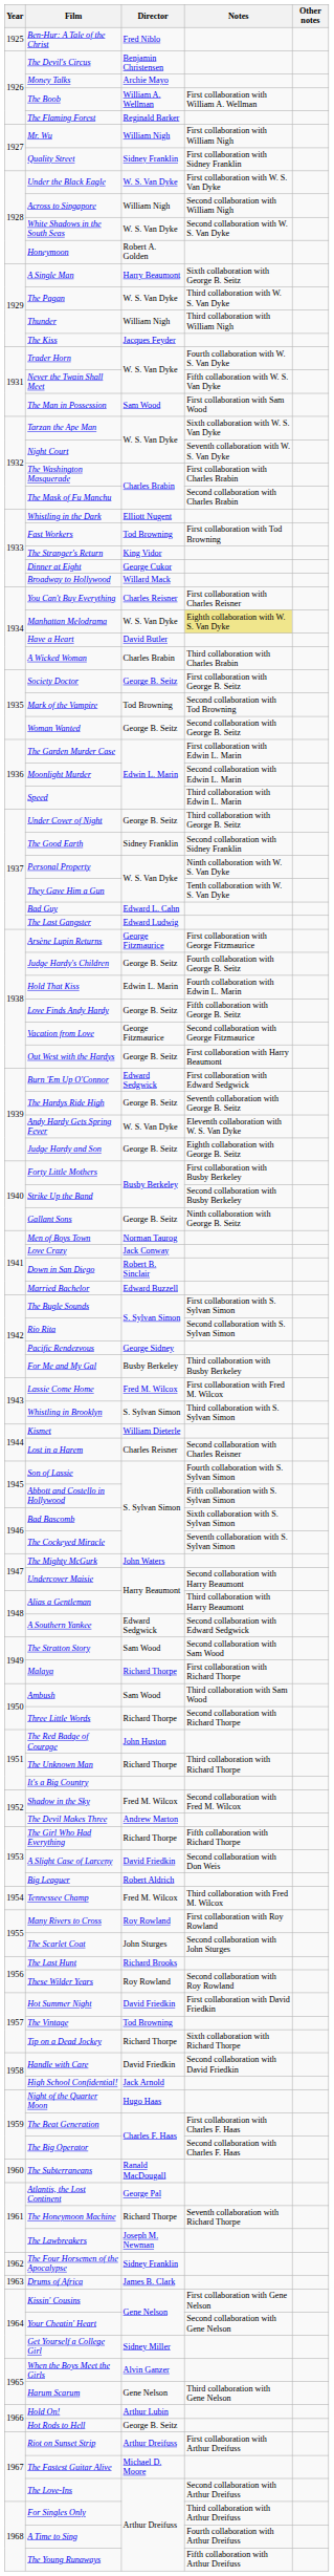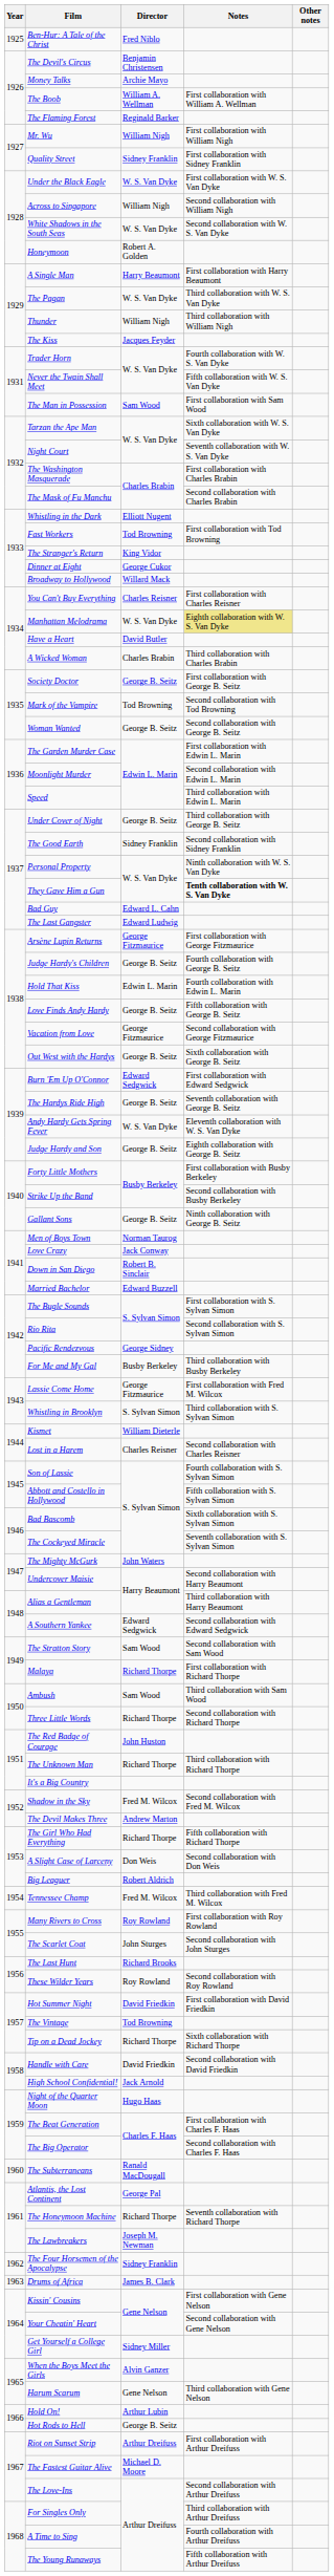 <table class="wikitable">
 <tr>
 <th>Year</th>
 <th>Film</th>
 <th>Director</th>
 <th>Notes</th>
 <th>Other notes</th>
 </tr>
 <tr>
 <td>1925</td>
 <td><em><a href='#'>Ben-Hur: A Tale of the Christ</a></em></td>
 <td><a href='#'>Fred Niblo</a></td>
 <td></td>
 <td></td>
 </tr>
 <tr>
 <td rowspan=4>1926</td>
 <td><em><a href='#'>The Devil's Circus</a></em></td>
 <td><a href='#'>Benjamin Christensen</a></td>
 <td></td>
 <td></td>
 </tr>
 <tr>
 <td><em><a href='#'>Money Talks</a></em></td>
 <td><a href='#'>Archie Mayo</a></td>
 <td></td>
 <td></td>
 </tr>
 <tr>
 <td><em><a href='#'>The Boob</a></em></td>
 <td><a href='#'>William A. Wellman</a></td>
 <td>First collaboration with William A. Wellman</td>
 <td></td>
 </tr>
 <tr>
 <td><em><a href='#'>The Flaming Forest</a></em></td>
 <td><a href='#'>Reginald Barker</a></td>
 <td></td>
 <td></td>
 </tr>
 <tr>
 <td rowspan=2>1927</td>
 <td><em><a href='#'>Mr. Wu</a></em></td>
 <td><a href='#'>William Nigh</a></td>
 <td>First collaboration with William Nigh</td>
 <td></td>
 </tr>
 <tr>
 <td><em><a href='#'>Quality Street</a></em></td>
 <td><a href='#'>Sidney Franklin</a></td>
 <td>First collaboration with Sidney Franklin</td>
 <td></td>
 </tr>
 <tr>
 <td rowspan=4>1928</td>
 <td><em><a href='#'>Under the Black Eagle</a></em></td>
 <td><a href='#'>W. S. Van Dyke</a></td>
 <td>First collaboration with W. S. Van Dyke</td>
 <td></td>
 </tr>
 <tr>
 <td><em><a href='#'>Across to Singapore</a></em></td>
 <td>William Nigh</td>
 <td>Second collaboration with William Nigh</td>
 <td></td>
 </tr>
 <tr>
 <td><em><a href='#'>White Shadows in the South Seas</a></em></td>
 <td>W. S. Van Dyke</td>
 <td>Second collaboration with W. S. Van Dyke</td>
 <td></td>
 </tr>
 <tr>
 <td><em><a href='#'>Honeymoon</a></em></td>
 <td>Robert A. Golden</td>
 <td></td>
 <td></td>
 </tr>
 <tr>
 <td rowspan=4>1929</td>
 <td><em><a href='#'>A Single Man</a></em></td>
 <td><a href='#'>Harry Beaumont</a></td>
-<td>Sixth collaboration with George B. Seitz</td>
+<td>First collaboration with Harry Beaumont</td>
 <td></td>
 </tr>
 <tr>
 <td><em><a href='#'>The Pagan</a></em></td>
 <td>W. S. Van Dyke</td>
 <td>Third collaboration with W. S. Van Dyke</td>
 <td></td>
 </tr>
 <tr>
 <td><em><a href='#'>Thunder</a></em></td>
 <td>William Nigh</td>
 <td>Third collaboration with William Nigh</td>
 <td></td>
 </tr>
 <tr>
 <td><em><a href='#'>The Kiss</a></em></td>
 <td><a href='#'>Jacques Feyder</a></td>
 <td></td>
 <td></td>
 </tr>
 <tr>
 <td rowspan=3>1931</td>
 <td><em><a href='#'>Trader Horn</a></em></td>
 <td rowspan=2>W. S. Van Dyke</td>
 <td>Fourth collaboration with W. S. Van Dyke</td>
 <td></td>
 </tr>
 <tr>
 <td><em><a href='#'>Never the Twain Shall Meet</a></em></td>
 <td>Fifth collaboration with W. S. Van Dyke</td>
 <td></td>
 </tr>
 <tr>
 <td><em><a href='#'>The Man in Possession</a></em></td>
 <td><a href='#'>Sam Wood</a></td>
 <td>First collaboration with Sam Wood</td>
 <td></td>
 </tr>
 <tr>
 <td rowspan=4>1932</td>
 <td><em><a href='#'>Tarzan the Ape Man</a></em></td>
 <td rowspan=2>W. S. Van Dyke</td>
 <td>Sixth collaboration with W. S. Van Dyke</td>
 <td></td>
 </tr>
 <tr>
 <td><em><a href='#'>Night Court</a></em></td>
 <td>Seventh collaboration with W. S. Van Dyke</td>
 <td></td>
 </tr>
 <tr>
 <td><em><a href='#'>The Washington Masquerade</a></em></td>
 <td rowspan=2><a href='#'>Charles Brabin</a></td>
 <td>First collaboration with Charles Brabin</td>
 <td></td>
 </tr>
 <tr>
 <td><em><a href='#'>The Mask of Fu Manchu</a></em></td>
 <td>Second collaboration with Charles Brabin</td>
 <td></td>
 </tr>
 <tr>
 <td rowspan=5>1933</td>
 <td><em><a href='#'>Whistling in the Dark</a></em></td>
 <td><a href='#'>Elliott Nugent</a></td>
 <td></td>
 <td></td>
 </tr>
 <tr>
 <td><em><a href='#'>Fast Workers</a></em></td>
 <td><a href='#'>Tod Browning</a></td>
 <td>First collaboration with Tod Browning</td>
 <td></td>
 </tr>
 <tr>
 <td><em><a href='#'>The Stranger's Return</a></em></td>
 <td><a href='#'>King Vidor</a></td>
 <td></td>
 <td><small></small></td>
 </tr>
 <tr>
 <td><em><a href='#'>Dinner at Eight</a></em></td>
 <td><a href='#'>George Cukor</a></td>
 <td></td>
 <td></td>
 </tr>
 <tr>
 <td><em><a href='#'>Broadway to Hollywood</a></em></td>
 <td><a href='#'>Willard Mack</a></td>
 <td></td>
 <td></td>
 </tr>
 <tr>
 <td rowspan=4>1934</td>
 <td><em><a href='#'>You Can't Buy Everything</a></em></td>
 <td><a href='#'>Charles Reisner</a></td>
 <td>First collaboration with Charles Reisner</td>
 <td></td>
 </tr>
 <tr>
 <td><em><a href='#'>Manhattan Melodrama</a></em></td>
 <td>W. S. Van Dyke</td>
 <td style="background: khaki;">Eighth collaboration with W. S. Van Dyke</td>
 <td></td>
 </tr>
 <tr>
 <td><em><a href='#'>Have a Heart</a></em></td>
 <td><a href='#'>David Butler</a></td>
 <td></td>
 <td></td>
 </tr>
 <tr>
 <td><em><a href='#'>A Wicked Woman</a></em></td>
 <td>Charles Brabin</td>
 <td>Third collaboration with Charles Brabin</td>
 <td></td>
 </tr>
 <tr>
 <td rowspan=3>1935</td>
 <td><em><a href='#'>Society Doctor</a></em></td>
 <td><a href='#'>George B. Seitz</a></td>
 <td>First collaboration with George B. Seitz</td>
 <td></td>
 </tr>
 <tr>
 <td><em><a href='#'>Mark of the Vampire</a></em></td>
 <td>Tod Browning</td>
 <td>Second collaboration with Tod Browning</td>
 <td></td>
 </tr>
 <tr>
 <td><em><a href='#'>Woman Wanted</a></em></td>
 <td>George B. Seitz</td>
 <td>Second collaboration with George B. Seitz</td>
 <td></td>
 </tr>
 <tr>
 <td rowspan=3>1936</td>
 <td><em><a href='#'>The Garden Murder Case</a></em></td>
 <td rowspan=3><a href='#'>Edwin L. Marin</a></td>
 <td>First collaboration with Edwin L. Marin</td>
 <td></td>
 </tr>
 <tr>
 <td><em><a href='#'>Moonlight Murder</a></em></td>
 <td>Second collaboration with Edwin L. Marin</td>
 <td></td>
 </tr>
 <tr>
 <td><em><a href='#'>Speed</a></em></td>
 <td>Third collaboration with Edwin L. Marin</td>
 <td></td>
 </tr>
 <tr>
 <td rowspan=6>1937</td>
 <td><em><a href='#'>Under Cover of Night</a></em></td>
 <td>George B. Seitz</td>
 <td>Third collaboration with George B. Seitz</td>
 <td></td>
 </tr>
 <tr>
 <td><em><a href='#'>The Good Earth</a></em></td>
 <td>Sidney Franklin</td>
 <td>Second collaboration with Sidney Franklin</td>
 <td><small></small></td>
 </tr>
 <tr>
 <td><em><a href='#'>Personal Property</a></em></td>
 <td rowspan=2>W. S. Van Dyke</td>
 <td>Ninth collaboration with W. S. Van Dyke</td>
 <td></td>
 </tr>
 <tr>
 <td><em><a href='#'>They Gave Him a Gun</a></em></td>
-<td>Tenth collaboration with W. S. Van Dyke</td>
+<td><strong>Tenth collaboration with W. S. Van Dyke</strong></td>
 <td></td>
 </tr>
 <tr>
 <td><em><a href='#'>Bad Guy</a></em></td>
 <td><a href='#'>Edward L. Cahn</a></td>
 <td></td>
 <td></td>
 </tr>
 <tr>
 <td><em><a href='#'>The Last Gangster</a></em></td>
 <td><a href='#'>Edward Ludwig</a></td>
 <td></td>
 <td></td>
 </tr>
 <tr>
 <td rowspan=6>1938</td>
 <td><em><a href='#'>Arsène Lupin Returns</a></em></td>
 <td><a href='#'>George Fitzmaurice</a></td>
 <td>First collaboration with George Fitzmaurice</td>
 <td></td>
 </tr>
 <tr>
 <td><em><a href='#'>Judge Hardy's Children</a></em></td>
 <td>George B. Seitz</td>
 <td>Fourth collaboration with George B. Seitz</td>
 <td></td>
 </tr>
 <tr>
 <td><em><a href='#'>Hold That Kiss</a></em></td>
 <td>Edwin L. Marin</td>
 <td>Fourth collaboration with Edwin L. Marin</td>
 <td></td>
 </tr>
 <tr>
 <td><em><a href='#'>Love Finds Andy Hardy</a></em></td>
 <td>George B. Seitz</td>
 <td>Fifth collaboration with George B. Seitz</td>
 <td></td>
 </tr>
 <tr>
 <td><em><a href='#'>Vacation from Love</a></em></td>
 <td>George Fitzmaurice</td>
 <td>Second collaboration with George Fitzmaurice</td>
 <td></td>
 </tr>
 <tr>
 <td><em><a href='#'>Out West with the Hardys</a></em></td>
 <td>George B. Seitz</td>
-<td>First collaboration with Harry Beaumont</td>
+<td>Sixth collaboration with George B. Seitz</td>
 <td></td>
 </tr>
 <tr>
 <td rowspan=4>1939</td>
 <td><em><a href='#'>Burn 'Em Up O'Connor</a></em></td>
 <td><a href='#'>Edward Sedgwick</a></td>
 <td>First collaboration with Edward Sedgwick</td>
 <td></td>
 </tr>
 <tr>
 <td><em><a href='#'>The Hardys Ride High</a></em></td>
 <td>George B. Seitz</td>
 <td>Seventh collaboration with George B. Seitz</td>
 <td></td>
 </tr>
 <tr>
 <td><em><a href='#'>Andy Hardy Gets Spring Fever</a></em></td>
 <td>W. S. Van Dyke</td>
 <td>Eleventh collaboration with W. S. Van Dyke</td>
 <td></td>
 </tr>
 <tr>
 <td><em><a href='#'>Judge Hardy and Son</a></em></td>
 <td>George B. Seitz</td>
 <td>Eighth collaboration with George B. Seitz</td>
 <td></td>
 </tr>
 <tr>
 <td rowspan=3>1940</td>
 <td><em><a href='#'>Forty Little Mothers</a></em></td>
 <td rowspan=2><a href='#'>Busby Berkeley</a></td>
 <td>First collaboration with Busby Berkeley</td>
 <td></td>
 </tr>
 <tr>
 <td><em><a href='#'>Strike Up the Band</a></em></td>
 <td>Second collaboration with Busby Berkeley</td>
 <td></td>
 </tr>
 <tr>
 <td><em><a href='#'>Gallant Sons</a></em></td>
 <td>George B. Seitz</td>
 <td>Ninth collaboration with George B. Seitz</td>
 <td></td>
 </tr>
 <tr>
 <td rowspan=4>1941</td>
 <td><em><a href='#'>Men of Boys Town</a></em></td>
 <td><a href='#'>Norman Taurog</a></td>
 <td></td>
 <td><small></small></td>
 </tr>
 <tr>
 <td><em><a href='#'>Love Crazy</a></em></td>
 <td><a href='#'>Jack Conway</a></td>
 <td></td>
 <td></td>
 </tr>
 <tr>
 <td><em><a href='#'>Down in San Diego</a></em></td>
 <td><a href='#'>Robert B. Sinclair</a></td>
 <td></td>
 <td></td>
 </tr>
 <tr>
 <td><em><a href='#'>Married Bachelor</a></em></td>
 <td><a href='#'>Edward Buzzell</a></td>
 <td></td>
 <td></td>
 </tr>
 <tr>
 <td rowspan=4>1942</td>
 <td><em><a href='#'>The Bugle Sounds</a></em></td>
 <td rowspan=2><a href='#'>S. Sylvan Simon</a></td>
 <td>First collaboration with S. Sylvan Simon</td>
 <td></td>
 </tr>
 <tr>
 <td><em><a href='#'>Rio Rita</a></em></td>
 <td>Second collaboration with S. Sylvan Simon</td>
 <td></td>
 </tr>
 <tr>
 <td><em><a href='#'>Pacific Rendezvous</a></em></td>
 <td><a href='#'>George Sidney</a></td>
 <td></td>
 <td></td>
 </tr>
 <tr>
 <td><em><a href='#'>For Me and My Gal</a></em></td>
 <td>Busby Berkeley</td>
 <td>Third collaboration with Busby Berkeley</td>
 <td></td>
 </tr>
 <tr>
 <td rowspan=2>1943</td>
 <td><em><a href='#'>Lassie Come Home</a></em></td>
-<td><a href='#'>Fred M. Wilcox</a></td>
+<td>George Fitzmaurice</td>
 <td>First collaboration with Fred M. Wilcox</td>
 <td></td>
 </tr>
 <tr>
 <td><em><a href='#'>Whistling in Brooklyn</a></em></td>
 <td>S. Sylvan Simon</td>
 <td>Third collaboration with S. Sylvan Simon</td>
 <td></td>
 </tr>
 <tr>
 <td rowspan=2>1944</td>
 <td><em><a href='#'>Kismet</a></em></td>
 <td><a href='#'>William Dieterle</a></td>
 <td></td>
 <td></td>
 </tr>
 <tr>
 <td><em><a href='#'>Lost in a Harem</a></em></td>
 <td>Charles Reisner</td>
 <td>Second collaboration with Charles Reisner</td>
 <td><small></small></td>
 </tr>
 <tr>
 <td rowspan=2>1945</td>
 <td><em><a href='#'>Son of Lassie</a></em></td>
 <td rowspan=4>S. Sylvan Simon</td>
 <td>Fourth collaboration with S. Sylvan Simon</td>
 <td></td>
 </tr>
 <tr>
 <td><em><a href='#'>Abbott and Costello in Hollywood</a></em></td>
 <td>Fifth collaboration with S. Sylvan Simon</td>
 <td></td>
 </tr>
 <tr>
 <td rowspan=2>1946</td>
 <td><em><a href='#'>Bad Bascomb</a></em></td>
 <td>Sixth collaboration with S. Sylvan Simon</td>
 <td></td>
 </tr>
 <tr>
 <td><em><a href='#'>The Cockeyed Miracle</a></em></td>
 <td>Seventh collaboration with S. Sylvan Simon</td>
 <td></td>
 </tr>
 <tr>
 <td rowspan=2>1947</td>
 <td><em><a href='#'>The Mighty McGurk</a></em></td>
 <td><a href='#'>John Waters</a></td>
 <td></td>
 <td></td>
 </tr>
 <tr>
 <td><em><a href='#'>Undercover Maisie</a></em></td>
 <td rowspan=2>Harry Beaumont</td>
 <td>Second collaboration with Harry Beaumont</td>
 <td></td>
 </tr>
 <tr>
 <td rowspan=2>1948</td>
 <td><em><a href='#'>Alias a Gentleman</a></em></td>
 <td>Third collaboration with Harry Beaumont</td>
 <td></td>
 </tr>
 <tr>
 <td><em><a href='#'>A Southern Yankee</a></em></td>
 <td>Edward Sedgwick</td>
 <td>Second collaboration with Edward Sedgwick</td>
 <td></td>
 </tr>
 <tr>
 <td rowspan=2>1949</td>
 <td><em><a href='#'>The Stratton Story</a></em></td>
 <td>Sam Wood</td>
 <td>Second collaboration with Sam Wood</td>
 <td></td>
 </tr>
 <tr>
 <td><em><a href='#'>Malaya</a></em></td>
 <td><a href='#'>Richard Thorpe</a></td>
 <td>First collaboration with Richard Thorpe</td>
 <td></td>
 </tr>
 <tr>
 <td rowspan=2>1950</td>
 <td><em><a href='#'>Ambush</a></em></td>
 <td>Sam Wood</td>
 <td>Third collaboration with Sam Wood</td>
 <td></td>
 </tr>
 <tr>
 <td><em><a href='#'>Three Little Words</a></em></td>
 <td>Richard Thorpe</td>
 <td>Second collaboration with Richard Thorpe</td>
 <td></td>
 </tr>
 <tr>
 <td rowspan=3>1951</td>
 <td><em><a href='#'>The Red Badge of Courage</a></em></td>
 <td><a href='#'>John Huston</a></td>
 <td></td>
 <td></td>
 </tr>
 <tr>
 <td><em><a href='#'>The Unknown Man</a></em></td>
 <td>Richard Thorpe</td>
 <td>Third collaboration with Richard Thorpe</td>
 <td></td>
 </tr>
 <tr>
 <td><em><a href='#'>It's a Big Country</a></em></td>
 <td></td>
 <td></td>
 <td></td>
 </tr>
 <tr>
 <td rowspan=2>1952</td>
 <td><em><a href='#'>Shadow in the Sky</a></em></td>
 <td>Fred M. Wilcox</td>
 <td>Second collaboration with Fred M. Wilcox</td>
 <td></td>
 </tr>
 <tr>
 <td><em><a href='#'>The Devil Makes Three</a></em></td>
 <td><a href='#'>Andrew Marton</a></td>
 <td></td>
 <td></td>
 </tr>
 <tr>
 <td rowspan=3>1953</td>
 <td><em><a href='#'>The Girl Who Had Everything</a></em></td>
 <td>Richard Thorpe</td>
 <td>Fifth collaboration with Richard Thorpe</td>
 <td></td>
 </tr>
 <tr>
 <td><em><a href='#'>A Slight Case of Larceny</a></em></td>
-<td><a href='#'>David Friedkin</a></td>
+<td>Don Weis</td>
 <td>Second collaboration with Don Weis</td>
 <td></td>
 </tr>
 <tr>
 <td><em><a href='#'>Big Leaguer</a></em></td>
 <td><a href='#'>Robert Aldrich</a></td>
 <td></td>
 <td></td>
 </tr>
 <tr>
 <td>1954</td>
 <td><em><a href='#'>Tennessee Champ</a></em></td>
 <td>Fred M. Wilcox</td>
 <td>Third collaboration with Fred M. Wilcox</td>
 <td></td>
 </tr>
 <tr>
 <td rowspan=2>1955</td>
 <td><em><a href='#'>Many Rivers to Cross</a></em></td>
 <td><a href='#'>Roy Rowland</a></td>
 <td>First collaboration with Roy Rowland</td>
 <td></td>
 </tr>
 <tr>
 <td><em><a href='#'>The Scarlet Coat</a></em></td>
 <td>John Sturges</td>
 <td>Second collaboration with John Sturges</td>
 <td></td>
 </tr>
 <tr>
 <td rowspan=2>1956</td>
 <td><em><a href='#'>The Last Hunt</a></em></td>
 <td><a href='#'>Richard Brooks</a></td>
 <td></td>
 <td></td>
 </tr>
 <tr>
 <td><em><a href='#'>These Wilder Years</a></em></td>
 <td>Roy Rowland</td>
 <td>Second collaboration with Roy Rowland</td>
 <td></td>
 </tr>
 <tr>
 <td rowspan=3>1957</td>
 <td><em><a href='#'>Hot Summer Night</a></em></td>
 <td><a href='#'>David Friedkin</a></td>
 <td>First collaboration with David Friedkin</td>
 <td></td>
 </tr>
 <tr>
 <td><em><a href='#'>The Vintage</a></em></td>
 <td><a href='#'>Tod Browning</a></td>
 <td></td>
 <td></td>
 </tr>
 <tr>
 <td><em><a href='#'>Tip on a Dead Jockey</a></em></td>
 <td>Richard Thorpe</td>
 <td>Sixth collaboration with Richard Thorpe</td>
 <td></td>
 </tr>
 <tr>
 <td rowspan=2>1958</td>
 <td><em><a href='#'>Handle with Care</a></em></td>
 <td>David Friedkin</td>
 <td>Second collaboration with David Friedkin</td>
 <td></td>
 </tr>
 <tr>
 <td><em><a href='#'>High School Confidential!</a></em></td>
 <td><a href='#'>Jack Arnold</a></td>
 <td></td>
 <td></td>
 </tr>
 <tr>
 <td rowspan=3>1959</td>
 <td><em><a href='#'>Night of the Quarter Moon</a></em></td>
 <td><a href='#'>Hugo Haas</a></td>
 <td></td>
 <td></td>
 </tr>
 <tr>
 <td><em><a href='#'>The Beat Generation</a></em></td>
 <td rowspan=2><a href='#'>Charles F. Haas</a></td>
 <td>First collaboration with Charles F. Haas</td>
 <td></td>
 </tr>
 <tr>
 <td><em><a href='#'>The Big Operator</a></em></td>
 <td>Second collaboration with Charles F. Haas</td>
 <td></td>
 </tr>
 <tr>
 <td>1960</td>
 <td><em><a href='#'>The Subterraneans</a></em></td>
 <td><a href='#'>Ranald MacDougall</a></td>
 <td></td>
 <td></td>
 </tr>
 <tr>
 <td rowspan=3>1961</td>
 <td><em><a href='#'>Atlantis, the Lost Continent</a></em></td>
 <td><a href='#'>George Pal</a></td>
 <td></td>
 <td></td>
 </tr>
 <tr>
 <td><em><a href='#'>The Honeymoon Machine</a></em></td>
 <td>Richard Thorpe</td>
 <td>Seventh collaboration with Richard Thorpe</td>
 <td></td>
 </tr>
 <tr>
 <td><em><a href='#'>The Lawbreakers</a></em></td>
 <td><a href='#'>Joseph M. Newman</a></td>
 <td></td>
 <td></td>
 </tr>
 <tr>
 <td>1962</td>
 <td><em><a href='#'>The Four Horsemen of the Apocalypse</a></em></td>
 <td><a href='#'>Sidney Franklin</a></td>
 <td></td>
 <td></td>
 </tr>
 <tr>
 <td>1963</td>
 <td><em><a href='#'>Drums of Africa</a></em></td>
 <td><a href='#'>James B. Clark</a></td>
 <td></td>
 <td></td>
 </tr>
 <tr>
 <td rowspan=3>1964</td>
 <td><em><a href='#'>Kissin' Cousins</a></em></td>
 <td rowspan=2><a href='#'>Gene Nelson</a></td>
 <td>First collaboration with Gene Nelson</td>
 <td></td>
 </tr>
 <tr>
 <td><em><a href='#'>Your Cheatin' Heart</a></em></td>
 <td>Second collaboration with Gene Nelson</td>
 <td></td>
 </tr>
 <tr>
 <td><em><a href='#'>Get Yourself a College Girl</a></em></td>
 <td><a href='#'>Sidney Miller</a></td>
 <td></td>
 <td></td>
 </tr>
 <tr>
 <td rowspan=2>1965</td>
 <td><em><a href='#'>When the Boys Meet the Girls</a></em></td>
 <td><a href='#'>Alvin Ganzer</a></td>
 <td></td>
 <td></td>
 </tr>
 <tr>
 <td><em><a href='#'>Harum Scarum</a></em></td>
 <td>Gene Nelson</td>
 <td>Third collaboration with Gene Nelson</td>
 <td></td>
 </tr>
 <tr>
 <td rowspan=2>1966</td>
 <td><em><a href='#'>Hold On!</a></em></td>
 <td><a href='#'>Arthur Lubin</a></td>
 <td></td>
 <td></td>
 </tr>
 <tr>
 <td><em><a href='#'>Hot Rods to Hell</a></em></td>
 <td>George B. Seitz</td>
 <td></td>
 <td></td>
 </tr>
 <tr>
 <td rowspan=3>1967</td>
 <td><em><a href='#'>Riot on Sunset Strip</a></em></td>
 <td><a href='#'>Arthur Dreifuss</a></td>
 <td>First collaboration with Arthur Dreifuss</td>
 <td></td>
 </tr>
 <tr>
 <td><em><a href='#'>The Fastest Guitar Alive</a></em></td>
 <td><a href='#'>Michael D. Moore</a></td>
 <td></td>
 <td></td>
 </tr>
 <tr>
 <td><em><a href='#'>The Love-Ins</a></em></td>
 <td rowspan=4>Arthur Dreifuss</td>
 <td>Second collaboration with Arthur Dreifuss</td>
 <td></td>
 </tr>
 <tr>
 <td rowspan=3>1968</td>
 <td><em><a href='#'>For Singles Only</a></em></td>
 <td>Third collaboration with Arthur Dreifuss</td>
 <td></td>
 </tr>
 <tr>
 <td><em><a href='#'>A Time to Sing</a></em></td>
 <td>Fourth collaboration with Arthur Dreifuss</td>
 <td></td>
 </tr>
 <tr>
 <td><em><a href='#'>The Young Runaways</a></em></td>
 <td>Fifth collaboration with Arthur Dreifuss</td>
 <td></td>
 </tr>
 </table>
